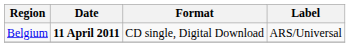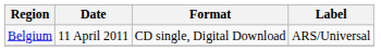 <table class=wikitable>
 <tr>
 <th>Region</th>
 <th>Date</th>
 <th>Format</th>
 <th>Label</th>
 </tr>
 <tr>
 <td><a href='#'>Belgium</a></td>
-<td><strong>11 April 2011</strong></td>
+<td>11 April 2011</td>
 <td>CD single, Digital Download</td>
 <td>ARS/Universal</td>
 </tr>
 <tr>
 </tr>
 </table>
